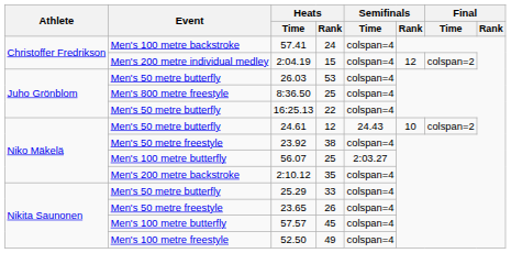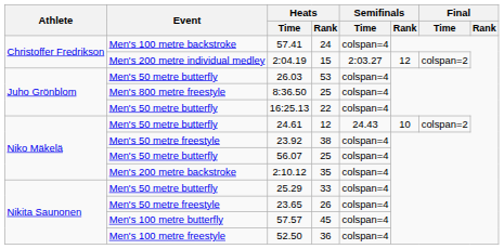 <table class=wikitable style="font-size:90%">
 <tr>
 <th rowspan=2>Athlete</th>
 <th rowspan=2>Event</th>
 <th colspan="2">Heats</th>
 <th colspan="2">Semifinals</th>
 <th colspan="2">Final</th>
 </tr>
 <tr style="font-size:95%">
 <th>Time</th>
 <th>Rank</th>
 <th>Time</th>
 <th>Rank</th>
 <th>Time</th>
 <th>Rank</th>
 </tr>
 <tr align=center>
 <td align=left rowspan=2><a href='#'>Christoffer Fredrikson</a></td>
 <td align=left><a href='#'>Men's 100 metre backstroke</a></td>
 <td>57.41</td>
 <td>24</td>
 <td>colspan=4 </td>
 </tr>
 <tr align=center>
 <td align=left><a href='#'>Men's 200 metre individual medley</a></td>
 <td>2:04.19</td>
 <td>15 </td>
-<td>colspan=4 </td>
+<td>2:03.27</td>
 <td>12</td>
 <td>colspan=2 </td>
 </tr>
 <tr align=center>
 <td align=left rowspan=3><a href='#'>Juho Grönblom</a></td>
 <td align=left><a href='#'>Men's 50 metre butterfly</a></td>
 <td>26.03</td>
 <td>53</td>
 <td>colspan=4 </td>
 </tr>
 <tr align=center>
 <td align=left><a href='#'>Men's 800 metre freestyle</a></td>
 <td>8:36.50</td>
 <td>25</td>
 <td>colspan=4 </td>
 </tr>
 <tr align=center>
 <td align=left><a href='#'>Men's 50 metre butterfly</a></td>
 <td>16:25.13</td>
 <td>22</td>
 <td>colspan=4 </td>
 </tr>
 <tr align=center>
 <td align=left rowspan=4><a href='#'>Niko Mäkelä</a></td>
 <td align=left><a href='#'>Men's 50 metre butterfly</a></td>
 <td>24.61</td>
 <td>12 </td>
 <td>24.43</td>
 <td>10</td>
 <td>colspan=2 </td>
 </tr>
 <tr align=center>
 <td align=left><a href='#'>Men's 50 metre freestyle</a></td>
 <td>23.92</td>
 <td>38</td>
 <td>colspan=4 </td>
 </tr>
 <tr align=center>
-<td align=left><a href='#'>Men's 100 metre butterfly</a></td>
+<td align=left><a href='#'>Men's 50 metre butterfly</a></td>
 <td>56.07</td>
 <td>25</td>
-<td>2:03.27</td>
+<td>colspan=4 </td>
 </tr>
 <tr align=center>
 <td align=left><a href='#'>Men's 200 metre backstroke</a></td>
 <td>2:10.12</td>
 <td>35</td>
 <td>colspan=4 </td>
 </tr>
 <tr align=center>
 <td align=left rowspan=4><a href='#'>Nikita Saunonen</a></td>
 <td align=left><a href='#'>Men's 50 metre butterfly</a></td>
 <td>25.29</td>
 <td>33</td>
 <td>colspan=4 </td>
 </tr>
 <tr align=center>
 <td align=left><a href='#'>Men's 50 metre freestyle</a></td>
 <td>23.65</td>
 <td>26</td>
 <td>colspan=4 </td>
 </tr>
 <tr align=center>
 <td align=left><a href='#'>Men's 100 metre butterfly</a></td>
 <td>57.57</td>
 <td>45</td>
 <td>colspan=4 </td>
 </tr>
 <tr align=center>
 <td align=left><a href='#'>Men's 100 metre freestyle</a></td>
 <td>52.50</td>
-<td>49</td>
+<td>36</td>
 <td>colspan=4 </td>
 </tr>
 </table>
